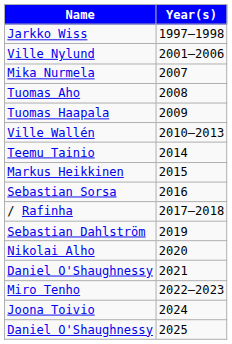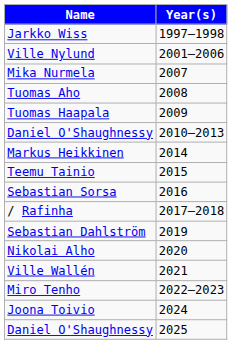 <table class="wikitable">
 <tr>
 <th style="color:#FFFFFF; background:#0000FF;">Name</th>
 <th style="color:#FFFFFF; background:#0000FF;">Year(s)</th>
 </tr>
 <tr>
 <td> <a href='#'>Jarkko Wiss</a></td>
 <td>1997–1998</td>
 </tr>
 <tr>
 <td> <a href='#'>Ville Nylund</a></td>
 <td>2001–2006</td>
 </tr>
 <tr>
 <td> <a href='#'>Mika Nurmela</a></td>
 <td>2007</td>
 </tr>
 <tr>
 <td> <a href='#'>Tuomas Aho</a></td>
 <td>2008</td>
 </tr>
 <tr>
 <td> <a href='#'>Tuomas Haapala</a></td>
 <td>2009</td>
 </tr>
 <tr>
-<td> <a href='#'>Ville Wallén</a></td>
+<td> <a href='#'>Daniel O'Shaughnessy</a></td>
 <td>2010–2013</td>
 </tr>
 <tr>
-<td> <a href='#'>Teemu Tainio</a></td>
+<td> <a href='#'>Markus Heikkinen</a></td>
 <td>2014</td>
 </tr>
 <tr>
-<td> <a href='#'>Markus Heikkinen</a></td>
+<td> <a href='#'>Teemu Tainio</a></td>
 <td>2015</td>
 </tr>
 <tr>
 <td> <a href='#'>Sebastian Sorsa</a></td>
 <td>2016</td>
 </tr>
 <tr>
 <td>/ <a href='#'>Rafinha</a></td>
 <td>2017–2018</td>
 </tr>
 <tr>
 <td> <a href='#'>Sebastian Dahlström</a></td>
 <td>2019</td>
 </tr>
 <tr>
 <td> <a href='#'>Nikolai Alho</a></td>
 <td>2020</td>
 </tr>
 <tr>
-<td> <a href='#'>Daniel O'Shaughnessy</a></td>
+<td> <a href='#'>Ville Wallén</a></td>
 <td>2021</td>
 </tr>
 <tr>
 <td> <a href='#'>Miro Tenho</a></td>
 <td>2022–2023</td>
 </tr>
 <tr>
 <td> <a href='#'>Joona Toivio</a></td>
 <td>2024</td>
 </tr>
 <tr>
 <td> <a href='#'>Daniel O'Shaughnessy</a></td>
 <td>2025</td>
 </tr>
 </table>
